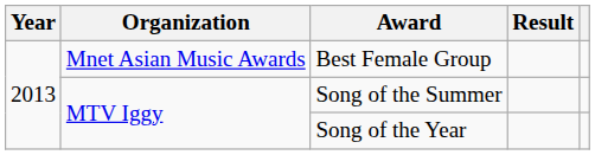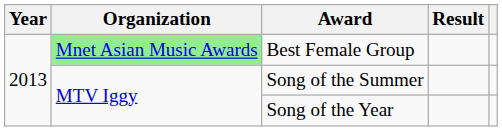 <table class="wikitable plainrowheaders">
 <tr>
 <th scope="col">Year</th>
 <th scope="col">Organization</th>
 <th scope="col">Award</th>
 <th scope="col">Result</th>
 <th class="unsortable"></th>
 </tr>
 <tr>
 <td rowspan="3">2013</td>
-<td><a href='#'>Mnet Asian Music Awards</a></td>
+<td style="background: lightgreen;"><a href='#'>Mnet Asian Music Awards</a></td>
 <td>Best Female Group</td>
 <td></td>
 <td style="text-align:center;"></td>
 </tr>
 <tr>
 <td rowspan="2"><a href='#'>MTV Iggy</a></td>
 <td>Song of the Summer</td>
 <td></td>
 <td style="text-align:center;"></td>
 </tr>
 <tr>
 <td>Song of the Year</td>
 <td></td>
 <td style="text-align:center;"></td>
 </tr>
 </table>
